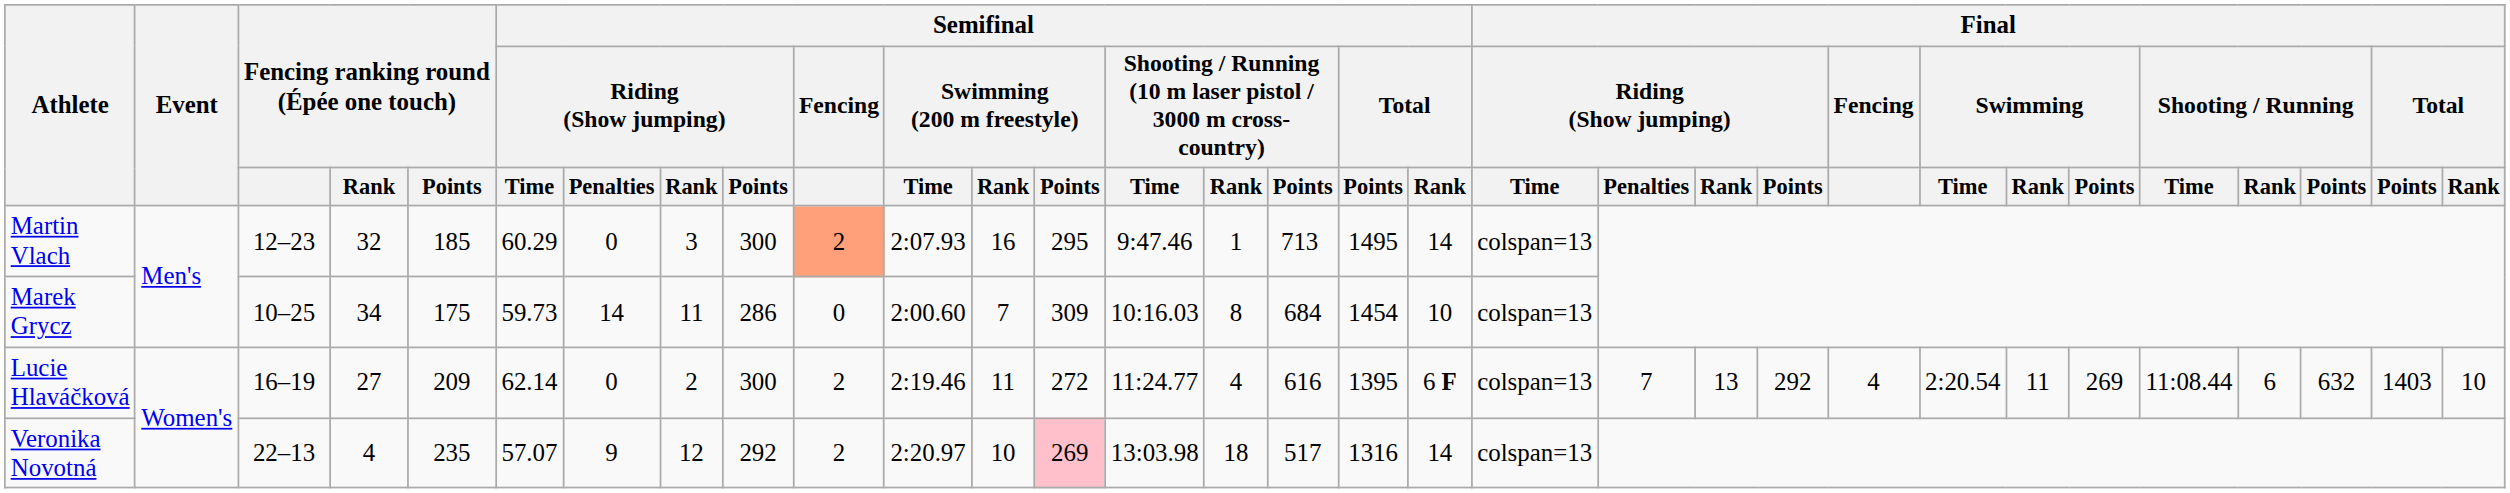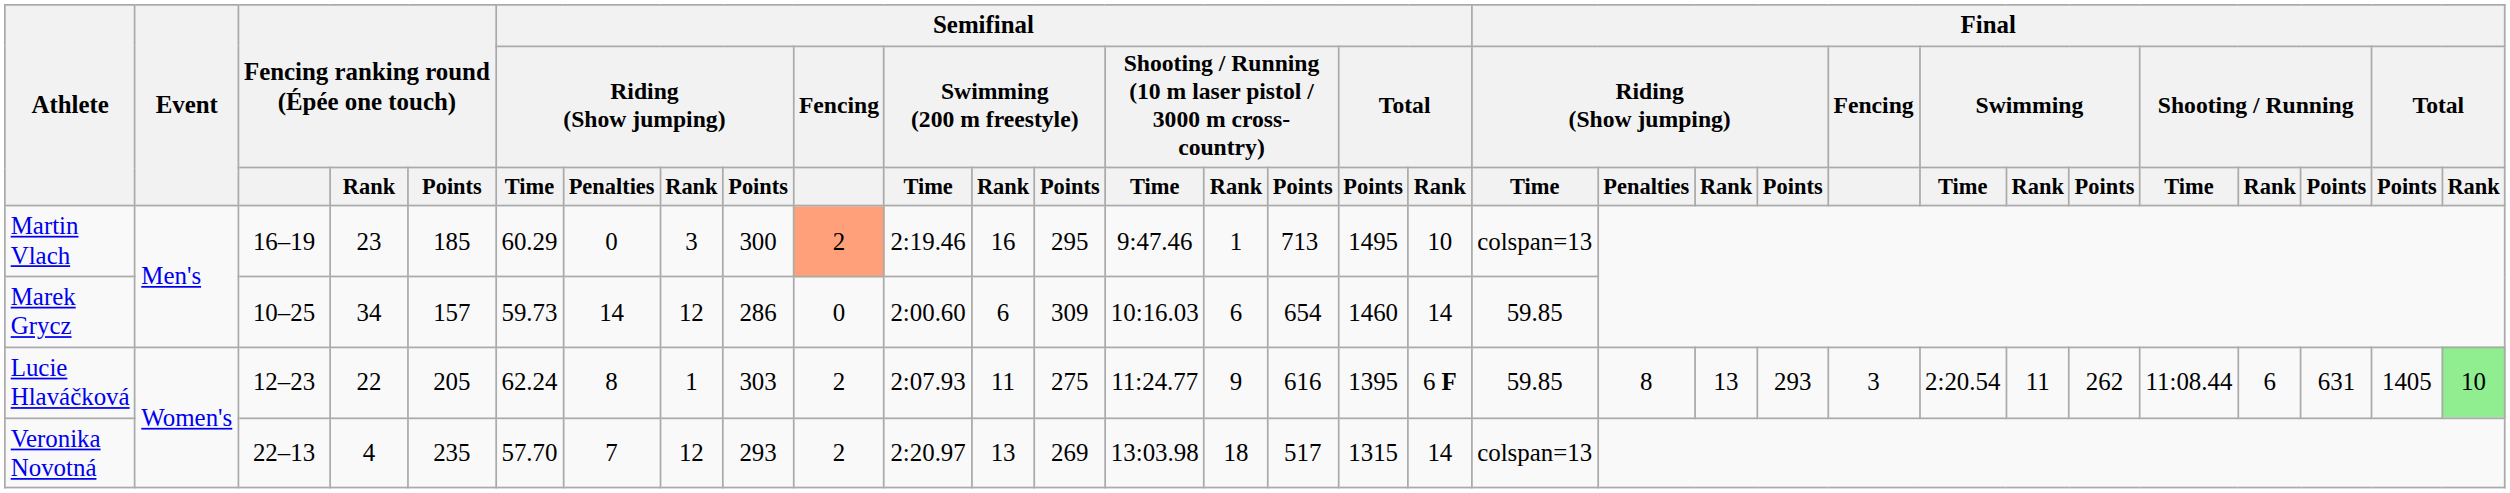 <table class="wikitable" style="font-size:90%;text-align:center">
 <tr>
 <th rowspan="3">Athlete</th>
 <th rowspan="3">Event</th>
 <th colspan="3" rowspan="2">Fencing ranking round<br><span>(Épée one touch)</span></th>
 <th colspan="13">Semifinal</th>
 <th colspan="13">Final</th>
 </tr>
 <tr style="font-size:95%">
 <th colspan="4">Riding<br><span>(Show jumping)</span></th>
 <th>Fencing</th>
 <th colspan="3">Swimming<br><span>(200 m freestyle)</span></th>
 <th colspan="3">Shooting / Running<br><span>(10 m laser pistol /</span> <span>3000 m cross-country)</span></th>
 <th colspan="2">Total</th>
 <th colspan="4">Riding<br><span>(Show jumping)</span></th>
 <th>Fencing</th>
 <th colspan="3">Swimming</th>
 <th colspan="3">Shooting / Running</th>
 <th colspan="2">Total</th>
 </tr>
 <tr style="font-size:90%">
 <th></th>
 <th>Rank</th>
 <th>Points</th>
 <th>Time</th>
 <th>Penalties</th>
 <th>Rank</th>
 <th>Points</th>
 <th></th>
 <th>Time</th>
 <th>Rank</th>
 <th>Points</th>
 <th>Time</th>
 <th>Rank</th>
 <th>Points</th>
 <th>Points</th>
 <th>Rank</th>
 <th>Time</th>
 <th>Penalties</th>
 <th>Rank</th>
 <th>Points</th>
 <th></th>
 <th>Time</th>
 <th>Rank</th>
 <th>Points</th>
 <th>Time</th>
 <th>Rank</th>
 <th>Points</th>
 <th>Points</th>
 <th>Rank</th>
 </tr>
 <tr>
 <td align=left><a href='#'>Martin Vlach</a></td>
 <td align=left rowspan=2><a href='#'>Men's</a></td>
-<td>12–23</td>
-<td>32</td>
+<td>16–19</td>
+<td>23</td>
 <td>185</td>
 <td>60.29</td>
 <td>0</td>
 <td>3</td>
 <td>300</td>
 <td style="background: lightsalmon;">2</td>
-<td>2:07.93</td>
+<td>2:19.46</td>
 <td>16</td>
 <td>295</td>
 <td>9:47.46</td>
 <td>1</td>
 <td>713 <strong></strong></td>
 <td>1495</td>
-<td>14</td>
+<td>10</td>
 <td>colspan=13 </td>
 </tr>
 <tr>
 <td align=left><a href='#'>Marek Grycz</a></td>
 <td>10–25</td>
 <td>34</td>
-<td>175</td>
+<td>157</td>
 <td>59.73</td>
 <td>14</td>
-<td>11</td>
+<td>12</td>
 <td>286</td>
 <td>0</td>
 <td>2:00.60</td>
-<td>7</td>
+<td>6</td>
 <td>309</td>
 <td>10:16.03</td>
-<td>8</td>
-<td>684</td>
-<td>1454</td>
-<td>10</td>
-<td>colspan=13 </td>
+<td>6</td>
+<td>654</td>
+<td>1460</td>
+<td>14</td>
+<td>59.85</td>
 </tr>
 <tr>
 <td align=left><a href='#'>Lucie Hlaváčková</a></td>
 <td rowspan="2" align="left"><a href='#'>Women's</a></td>
-<td>16–19</td>
-<td>27</td>
-<td>209</td>
-<td>62.14</td>
-<td>0</td>
+<td>12–23</td>
+<td>22</td>
+<td>205</td>
+<td>62.24</td>
+<td>8</td>
+<td>1</td>
+<td>303</td>
 <td>2</td>
-<td>300</td>
-<td>2</td>
-<td>2:19.46</td>
+<td>2:07.93</td>
 <td>11</td>
-<td>272</td>
+<td>275</td>
 <td>11:24.77</td>
-<td>4</td>
+<td>9</td>
 <td>616</td>
 <td>1395</td>
 <td>6 <strong>F</strong></td>
-<td>colspan=13 </td>
-<td>7</td>
+<td>59.85</td>
+<td>8</td>
 <td>13</td>
-<td>292</td>
-<td>4</td>
+<td>293</td>
+<td>3</td>
 <td>2:20.54</td>
 <td>11</td>
-<td>269</td>
+<td>262</td>
 <td>11:08.44</td>
 <td>6</td>
-<td>632</td>
-<td>1403</td>
-<td>10</td>
+<td>631</td>
+<td>1405</td>
+<td style="background: lightgreen;">10</td>
 </tr>
 <tr>
 <td align=left><a href='#'>Veronika Novotná</a></td>
 <td>22–13</td>
 <td>4</td>
 <td>235</td>
-<td>57.07</td>
-<td>9</td>
+<td>57.70</td>
+<td>7</td>
 <td>12</td>
-<td>292</td>
+<td>293</td>
 <td>2</td>
 <td>2:20.97</td>
-<td>10</td>
-<td style="background: pink;">269</td>
+<td>13</td>
+<td>269</td>
 <td>13:03.98</td>
 <td>18</td>
 <td>517</td>
-<td>1316</td>
+<td>1315</td>
 <td>14</td>
 <td>colspan=13 </td>
 </tr>
 </table>
